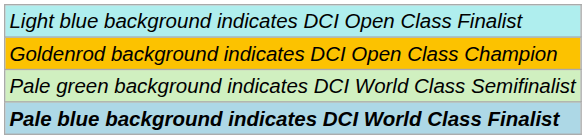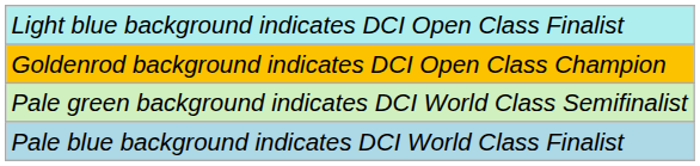 <table class="wikitable" style="font-size:95%;">
 <tr>
 <td style="background-color:#AFEEEE"><em>Light blue background indicates DCI Open Class Finalist</em></td>
 </tr>
 <tr>
 <td style="background-color:#fcc200"><em>Goldenrod background indicates DCI Open Class Champion</em></td>
 </tr>
 <tr>
 <td style="background-color:#d0f0c0"><em>Pale green background indicates DCI World Class Semifinalist</em></td>
 </tr>
 <tr>
-<td style="background-color:#add8e6"><strong><em>Pale blue background indicates DCI World Class Finalist</em></strong></td>
+<td style="background-color:#add8e6"><em>Pale blue background indicates DCI World Class Finalist</em></td>
 </tr>
 </table>
